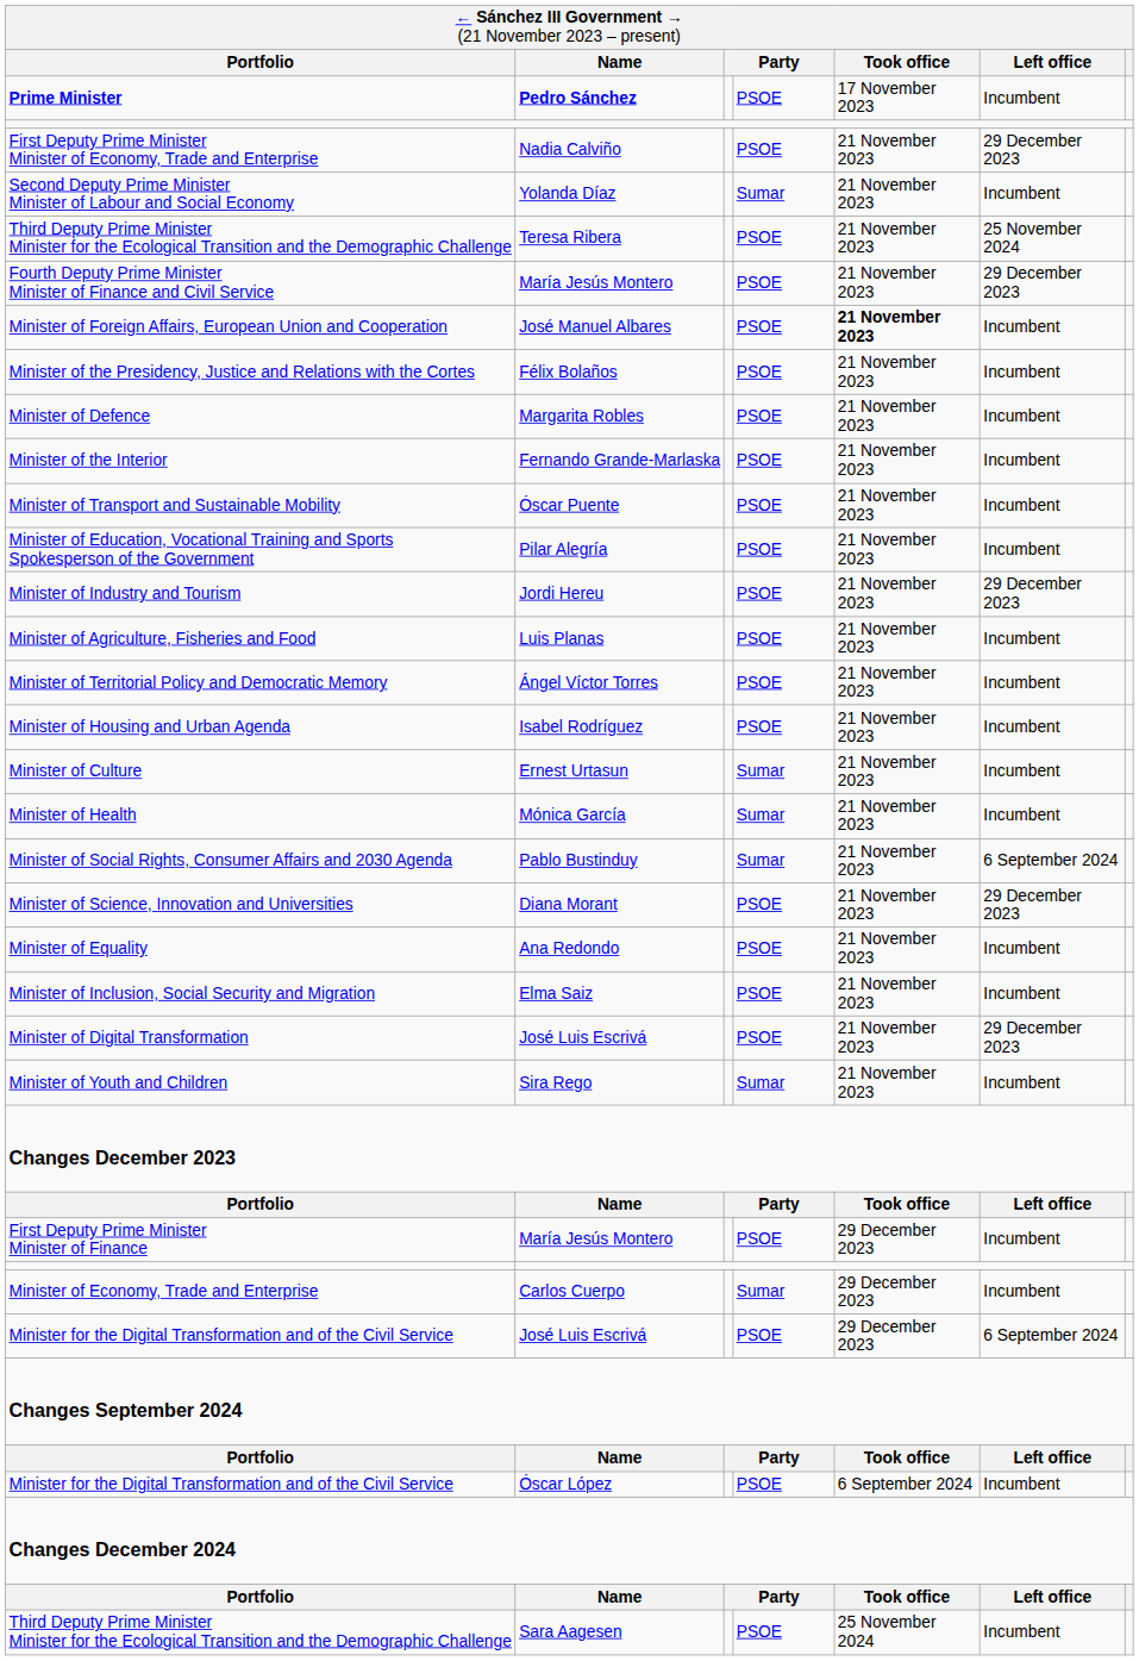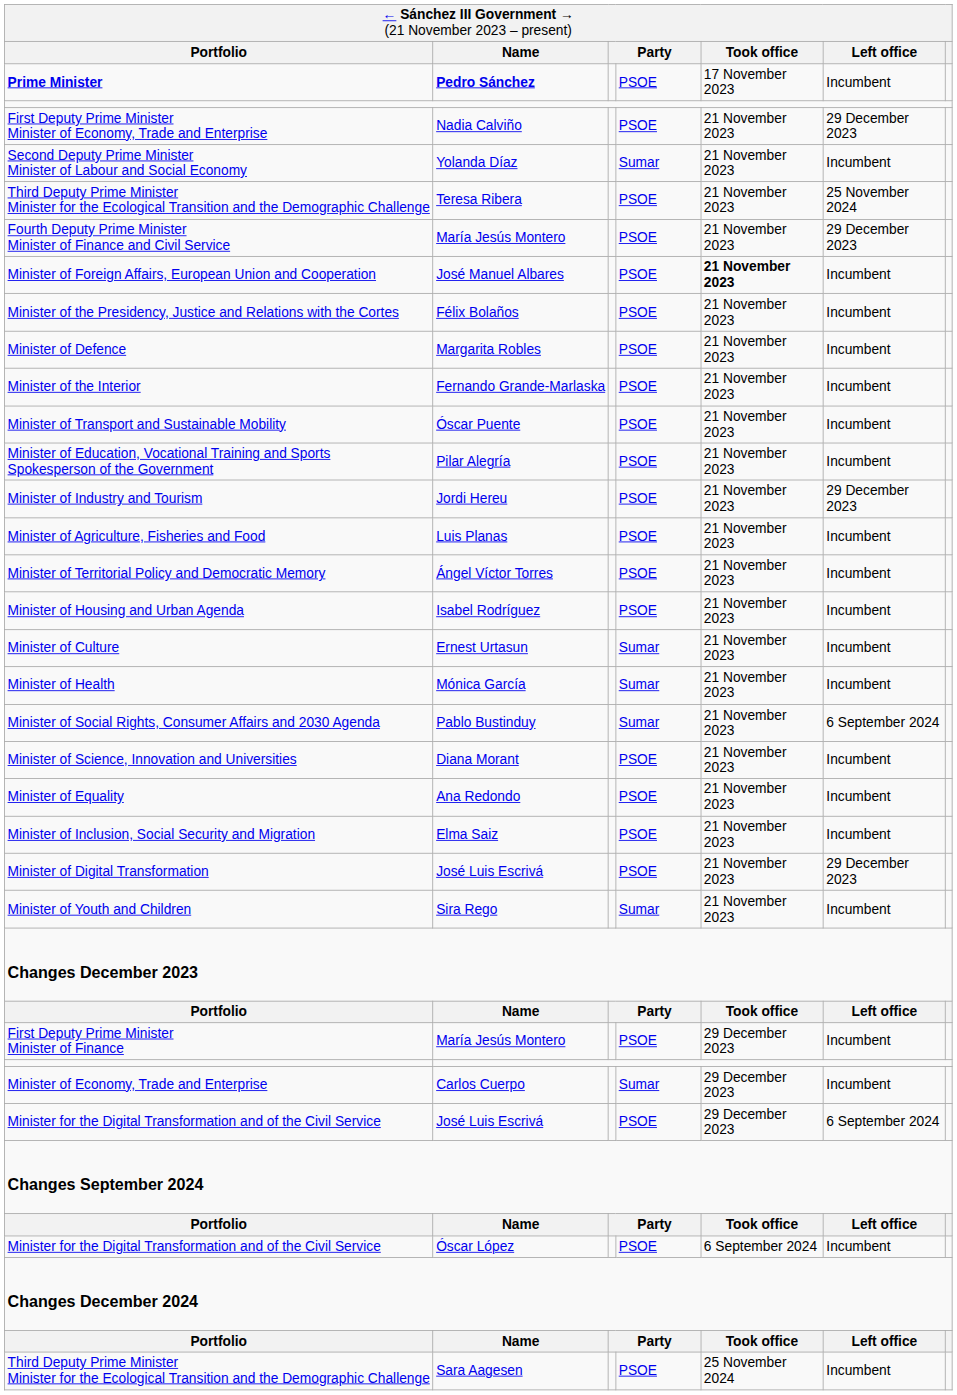 <table class="wikitable">
 <tr>
 <td colspan="7" bgcolor="#F2F2F2" align="center"><a href='#'>←</a> <strong>Sánchez III Government</strong> →<br>(21 November 2023 – present)</td>
 </tr>
 <tr>
 <th>Portfolio</th>
 <th>Name</th>
 <th width="100px" colspan="2">Party</th>
 <th width="135px">Took office</th>
 <th width="135px">Left office</th>
 <th></th>
 </tr>
 <tr>
 <td><strong><a href='#'>Prime Minister</a></strong></td>
 <td><strong><a href='#'>Pedro Sánchez</a></strong></td>
 <td width="1" style="background-color:"></td>
 <td><a href='#'>PSOE</a></td>
 <td>17 November 2023</td>
 <td>Incumbent</td>
 <td align="center"></td>
 </tr>
 <tr>
 <td colspan="7"></td>
 </tr>
 <tr>
 <td><a href='#'>First Deputy Prime Minister</a><br><a href='#'>Minister of Economy, Trade and Enterprise</a></td>
 <td><a href='#'>Nadia Calviño</a></td>
 <td style="background-color:"></td>
 <td><a href='#'>PSOE</a> </td>
 <td>21 November 2023</td>
 <td>29 December 2023</td>
 <td align="center"></td>
 </tr>
 <tr>
 <td><a href='#'>Second Deputy Prime Minister</a><br><a href='#'>Minister of Labour and Social Economy</a></td>
 <td><a href='#'>Yolanda Díaz</a></td>
 <td style="background-color:"></td>
 <td><a href='#'>Sumar </a></td>
 <td>21 November 2023</td>
 <td>Incumbent</td>
 <td align="center"></td>
 </tr>
 <tr>
 <td><a href='#'>Third Deputy Prime Minister</a><br><a href='#'>Minister for the Ecological Transition and the Demographic Challenge</a></td>
 <td><a href='#'>Teresa Ribera</a></td>
 <td style="background-color:"></td>
 <td><a href='#'>PSOE</a></td>
 <td>21 November 2023</td>
 <td>25 November 2024</td>
 <td align="center"></td>
 </tr>
 <tr>
 <td><a href='#'>Fourth Deputy Prime Minister</a><br><a href='#'>Minister of Finance and Civil Service</a></td>
 <td><a href='#'>María Jesús Montero</a></td>
 <td style="background-color:"></td>
 <td><a href='#'>PSOE</a></td>
 <td>21 November 2023</td>
 <td>29 December 2023</td>
 <td align="center"></td>
 </tr>
 <tr>
 <td><a href='#'>Minister of Foreign Affairs, European Union and Cooperation</a></td>
 <td><a href='#'>José Manuel Albares</a></td>
 <td style="background-color:"></td>
 <td><a href='#'>PSOE</a></td>
 <td><strong>21 November 2023</strong></td>
 <td>Incumbent</td>
 <td align="center"></td>
 </tr>
 <tr>
 <td><a href='#'>Minister of the Presidency, Justice and Relations with the Cortes</a></td>
 <td><a href='#'>Félix Bolaños</a></td>
 <td style="background-color:"></td>
 <td><a href='#'>PSOE</a></td>
 <td>21 November 2023</td>
 <td>Incumbent</td>
 <td align="center"></td>
 </tr>
 <tr>
 <td><a href='#'>Minister of Defence</a></td>
 <td><a href='#'>Margarita Robles</a></td>
 <td style="background-color:"></td>
 <td><a href='#'>PSOE</a> </td>
 <td>21 November 2023</td>
 <td>Incumbent</td>
 <td align="center"></td>
 </tr>
 <tr>
 <td><a href='#'>Minister of the Interior</a></td>
 <td><a href='#'>Fernando Grande-Marlaska</a></td>
 <td style="background-color:"></td>
 <td><a href='#'>PSOE</a> </td>
 <td>21 November 2023</td>
 <td>Incumbent</td>
 <td align="center"></td>
 </tr>
 <tr>
 <td><a href='#'>Minister of Transport and Sustainable Mobility</a></td>
 <td><a href='#'>Óscar Puente</a></td>
 <td style="background-color:"></td>
 <td><a href='#'>PSOE</a></td>
 <td>21 November 2023</td>
 <td>Incumbent</td>
 <td align="center"></td>
 </tr>
 <tr>
 <td><a href='#'>Minister of Education, Vocational Training and Sports</a><br><a href='#'>Spokesperson of the Government</a></td>
 <td><a href='#'>Pilar Alegría</a></td>
 <td style="background-color:"></td>
 <td><a href='#'>PSOE</a></td>
 <td>21 November 2023</td>
 <td>Incumbent</td>
 <td align="center"><br></td>
 </tr>
 <tr>
 <td><a href='#'>Minister of Industry and Tourism</a></td>
 <td><a href='#'>Jordi Hereu</a></td>
 <td style="background-color:"></td>
 <td><a href='#'>PSOE</a> </td>
 <td>21 November 2023</td>
 <td>29 December 2023</td>
 <td align="center"></td>
 </tr>
 <tr>
 <td><a href='#'>Minister of Agriculture, Fisheries and Food</a></td>
 <td><a href='#'>Luis Planas</a></td>
 <td style="background-color:"></td>
 <td><a href='#'>PSOE</a></td>
 <td>21 November 2023</td>
 <td>Incumbent</td>
 <td align="center"></td>
 </tr>
 <tr>
 <td><a href='#'>Minister of Territorial Policy and Democratic Memory</a></td>
 <td><a href='#'>Ángel Víctor Torres</a></td>
 <td style="background-color:"></td>
 <td><a href='#'>PSOE</a></td>
 <td>21 November 2023</td>
 <td>Incumbent</td>
 <td align="center"></td>
 </tr>
 <tr>
 <td><a href='#'>Minister of Housing and Urban Agenda</a></td>
 <td><a href='#'>Isabel Rodríguez</a></td>
 <td style="background-color:"></td>
 <td><a href='#'>PSOE</a></td>
 <td>21 November 2023</td>
 <td>Incumbent</td>
 <td align="center"></td>
 </tr>
 <tr>
 <td><a href='#'>Minister of Culture</a></td>
 <td><a href='#'>Ernest Urtasun</a></td>
 <td style="background-color:"></td>
 <td><a href='#'>Sumar</a> </td>
 <td>21 November 2023</td>
 <td>Incumbent</td>
 <td align="center"></td>
 </tr>
 <tr>
 <td><a href='#'>Minister of Health</a></td>
 <td><a href='#'>Mónica García</a></td>
 <td style="background-color:"></td>
 <td><a href='#'>Sumar</a> </td>
 <td>21 November 2023</td>
 <td>Incumbent</td>
 <td align="center"></td>
 </tr>
 <tr>
 <td><a href='#'>Minister of Social Rights, Consumer Affairs and 2030 Agenda</a></td>
 <td><a href='#'>Pablo Bustinduy</a></td>
 <td style="background-color:"></td>
 <td><a href='#'>Sumar</a> </td>
 <td>21 November 2023</td>
 <td>6 September 2024</td>
 <td align="center"></td>
 </tr>
 <tr>
 <td><a href='#'>Minister of Science, Innovation and Universities</a></td>
 <td><a href='#'>Diana Morant</a></td>
 <td style="background-color:"></td>
 <td><a href='#'>PSOE</a></td>
 <td>21 November 2023</td>
-<td>29 December 2023</td>
+<td>Incumbent</td>
 <td align="center"></td>
 </tr>
 <tr>
 <td><a href='#'>Minister of Equality</a></td>
 <td><a href='#'>Ana Redondo</a></td>
 <td style="background-color:"></td>
 <td><a href='#'>PSOE</a></td>
 <td>21 November 2023</td>
 <td>Incumbent</td>
 <td align="center"></td>
 </tr>
 <tr>
 <td><a href='#'>Minister of Inclusion, Social Security and Migration</a></td>
 <td><a href='#'>Elma Saiz</a></td>
 <td style="background-color:"></td>
 <td><a href='#'>PSOE</a></td>
 <td>21 November 2023</td>
 <td>Incumbent</td>
 <td align="center"></td>
 </tr>
 <tr>
 <td><a href='#'>Minister of Digital Transformation</a></td>
 <td><a href='#'>José Luis Escrivá</a></td>
 <td style="background-color:"></td>
 <td><a href='#'>PSOE</a> </td>
 <td>21 November 2023</td>
 <td>29 December 2023</td>
 <td align="center"></td>
 </tr>
 <tr>
 <td><a href='#'>Minister of Youth and Children</a></td>
 <td><a href='#'>Sira Rego</a></td>
 <td style="background-color:"></td>
 <td><a href='#'>Sumar</a> </td>
 <td>21 November 2023</td>
 <td>Incumbent</td>
 <td align="center"></td>
 </tr>
 <tr>
 <td colspan="7"><br><h3>Changes December 2023</h3></td>
 </tr>
 <tr>
 <th>Portfolio</th>
 <th>Name</th>
 <th colspan="2">Party</th>
 <th>Took office</th>
 <th>Left office</th>
 <th></th>
 </tr>
 <tr>
 <td><a href='#'>First Deputy Prime Minister</a><br><a href='#'>Minister of Finance</a></td>
 <td><a href='#'>María Jesús Montero</a></td>
 <td style="background-color:"></td>
 <td><a href='#'>PSOE</a></td>
 <td>29 December 2023</td>
 <td>Incumbent</td>
 <td align="center"><br></td>
 </tr>
 <tr>
 <td></td>
 <td colspan="6"></td>
 </tr>
 <tr>
 <td><a href='#'>Minister of Economy, Trade and Enterprise</a></td>
 <td><a href='#'>Carlos Cuerpo</a></td>
 <td style="background-color:"></td>
 <td><a href='#'>Sumar</a> </td>
 <td>29 December 2023</td>
 <td>Incumbent</td>
 <td align="center"></td>
 </tr>
 <tr>
 <td><a href='#'>Minister for the Digital Transformation and of the Civil Service</a></td>
 <td><a href='#'>José Luis Escrivá</a></td>
 <td style="background-color:"></td>
 <td><a href='#'>PSOE</a> </td>
 <td>29 December 2023</td>
 <td>6 September 2024</td>
 <td align="center"></td>
 </tr>
 <tr>
 <td colspan="7"><br><h3>Changes September 2024</h3></td>
 </tr>
 <tr>
 <th>Portfolio</th>
 <th>Name</th>
 <th colspan="2">Party</th>
 <th>Took office</th>
 <th>Left office</th>
 <th></th>
 </tr>
 <tr>
 <td><a href='#'>Minister for the Digital Transformation and of the Civil Service</a></td>
 <td><a href='#'>Óscar López</a></td>
 <td style="background-color:"></td>
 <td><a href='#'>PSOE</a></td>
 <td>6 September 2024</td>
 <td>Incumbent</td>
 <td align="center"></td>
 </tr>
 <tr>
 <td colspan="7"><br><h3>Changes December 2024</h3></td>
 </tr>
 <tr>
 <th>Portfolio</th>
 <th>Name</th>
 <th colspan="2">Party</th>
 <th>Took office</th>
 <th>Left office</th>
 <th></th>
 </tr>
 <tr>
 <td><a href='#'>Third Deputy Prime Minister</a><br><a href='#'>Minister for the Ecological Transition and the Demographic Challenge</a></td>
 <td><a href='#'>Sara Aagesen</a></td>
 <td style="background-color:"></td>
 <td><a href='#'>PSOE</a> </td>
 <td>25 November 2024</td>
 <td>Incumbent</td>
 <td align="center"><br></td>
 </tr>
 </table>
